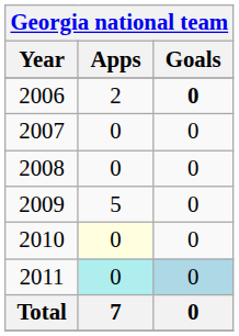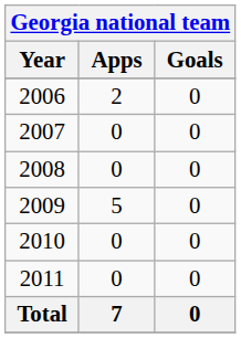 <table class="wikitable" style="text-align:center">
 <tr>
 <th colspan=3><a href='#'>Georgia national team</a></th>
 </tr>
 <tr>
 <th>Year</th>
 <th>Apps</th>
 <th>Goals</th>
 </tr>
 <tr>
 </tr>
 <tr>
 <td>2006</td>
 <td>2</td>
-<td><strong>0</strong></td>
+<td>0</td>
 </tr>
 <tr>
 <td>2007</td>
 <td>0</td>
 <td>0</td>
 </tr>
 <tr>
 <td>2008</td>
 <td>0</td>
 <td>0</td>
 </tr>
 <tr>
 <td>2009</td>
 <td>5</td>
 <td>0</td>
 </tr>
 <tr>
 <td>2010</td>
-<td style="background: lightyellow;">0</td>
+<td>0</td>
 <td>0</td>
 </tr>
 <tr>
 <td>2011</td>
-<td style="background: paleturquoise;">0</td>
-<td style="background: lightblue;">0</td>
+<td>0</td>
+<td>0</td>
 </tr>
 <tr>
 <th>Total</th>
 <th>7</th>
 <th>0</th>
 </tr>
 <tr>
 </tr>
 </table>
